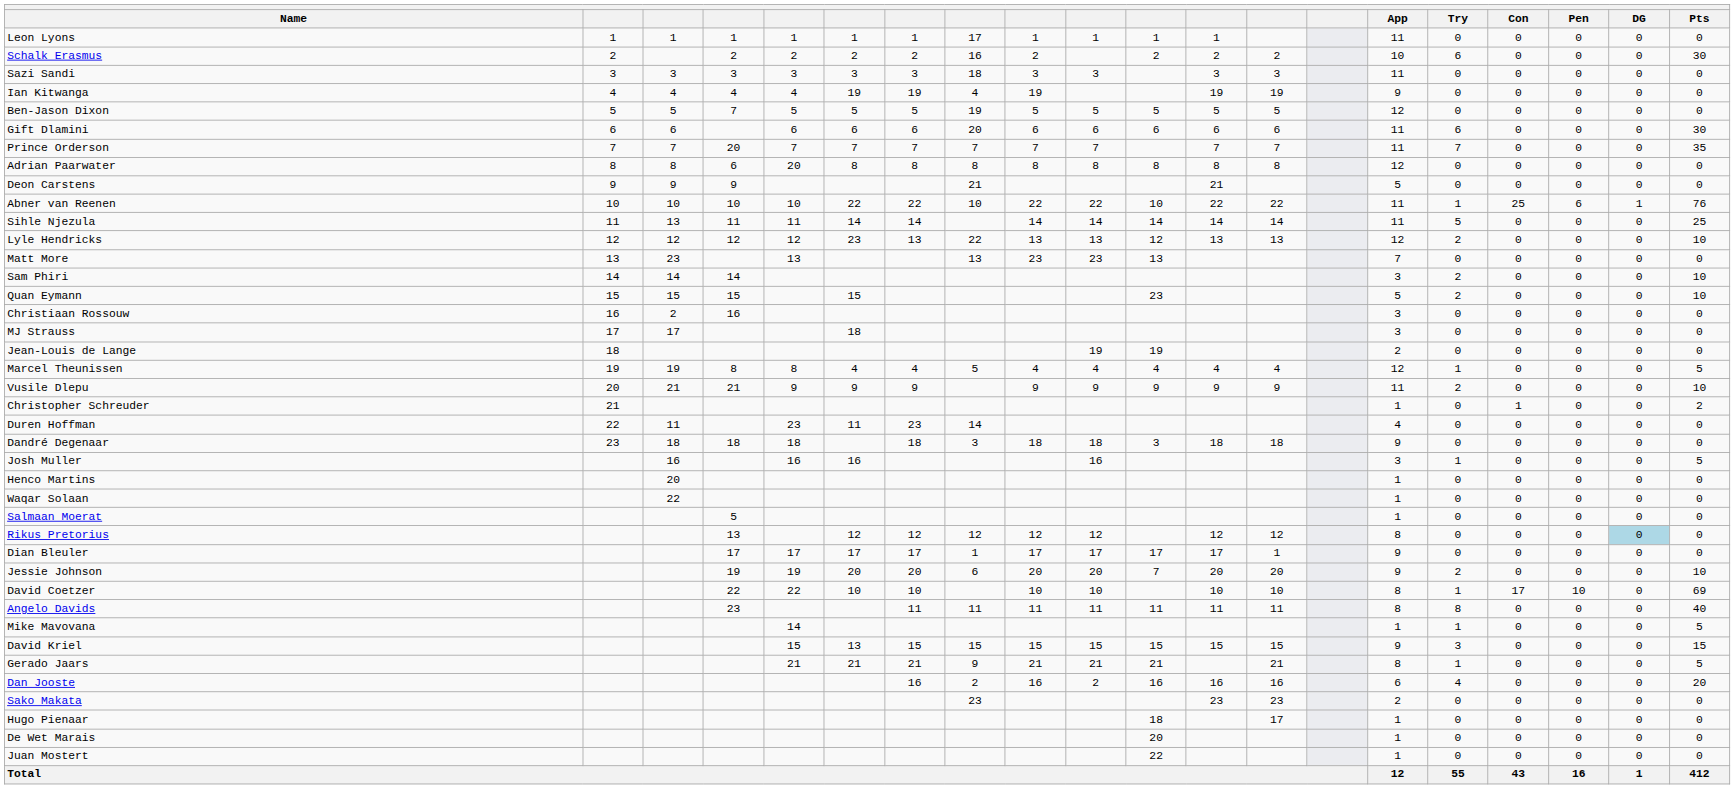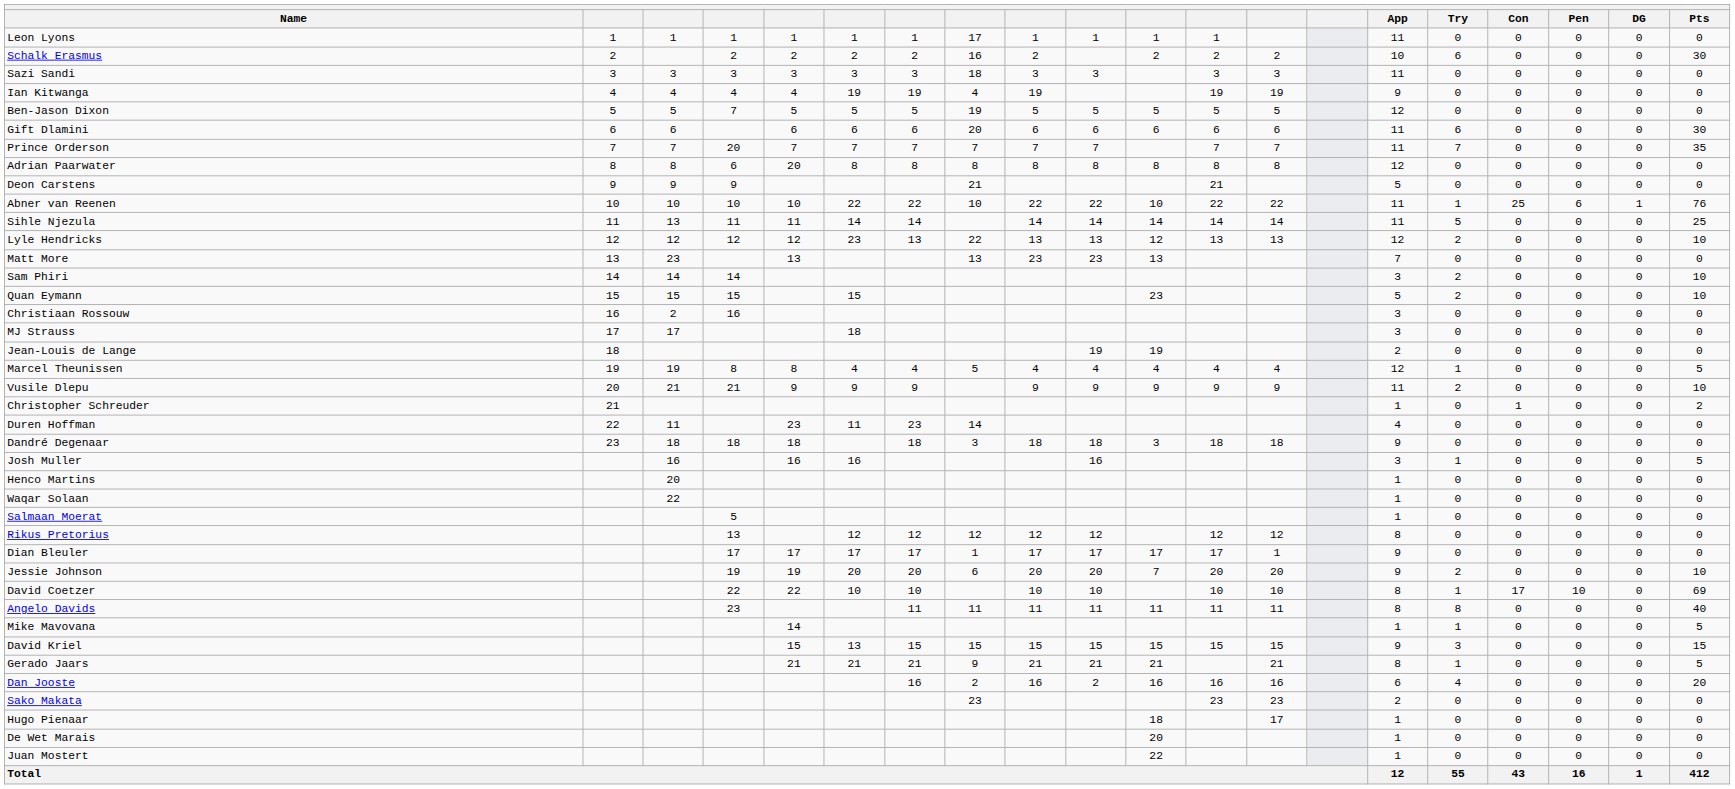 <table class="wikitable collapsible collapsed" style="text-align:center; font-size:100%; width:100%">
 <tr>
 <th colspan="100%"></th>
 </tr>
 <tr>
 <th style="width:33.5;">Name</th>
 <th style="width:3.5%;"></th>
 <th style="width:3.5%;"></th>
 <th style="width:3.5%;"></th>
 <th style="width:3.5%;"></th>
 <th style="width:3.5%;"></th>
 <th style="width:3.5%;"></th>
 <th style="width:3.5%;"></th>
 <th style="width:3.5%;"></th>
 <th style="width:3.5%;"></th>
 <th style="width:3.5%;"></th>
 <th style="width:3.5%;"></th>
 <th style="width:3.5%;"></th>
 <th style="width:3.5%;"></th>
 <th style="width:3.5%;">App</th>
 <th style="width:3.5%;">Try</th>
 <th style="width:3.5%;">Con</th>
 <th style="width:3.5%;">Pen</th>
 <th style="width:3.5%;">DG</th>
 <th style="width:3.5%;">Pts</th>
 </tr>
 <tr>
 <td style="text-align:left;">Leon Lyons</td>
 <td>1</td>
 <td>1</td>
 <td>1</td>
 <td>1</td>
 <td>1</td>
 <td>1</td>
 <td>17 </td>
 <td>1</td>
 <td>1</td>
 <td>1</td>
 <td>1</td>
 <td></td>
 <td style="background:#EBECF0;"></td>
 <td>11</td>
 <td>0</td>
 <td>0</td>
 <td>0</td>
 <td>0</td>
 <td>0</td>
 </tr>
 <tr>
 <td style="text-align:left;"><a href='#'>Schalk Erasmus</a></td>
 <td>2</td>
 <td></td>
 <td>2</td>
 <td>2</td>
 <td>2</td>
 <td>2</td>
 <td>16 </td>
 <td>2</td>
 <td></td>
 <td>2</td>
 <td>2</td>
 <td>2</td>
 <td style="background:#EBECF0;"></td>
 <td>10</td>
 <td>6</td>
 <td>0</td>
 <td>0</td>
 <td>0</td>
 <td>30</td>
 </tr>
 <tr>
 <td style="text-align:left;">Sazi Sandi</td>
 <td>3</td>
 <td>3</td>
 <td>3</td>
 <td>3</td>
 <td>3</td>
 <td>3</td>
 <td>18 </td>
 <td>3</td>
 <td>3</td>
 <td></td>
 <td>3</td>
 <td>3</td>
 <td style="background:#EBECF0;"></td>
 <td>11</td>
 <td>0</td>
 <td>0</td>
 <td>0</td>
 <td>0</td>
 <td>0</td>
 </tr>
 <tr>
 <td style="text-align:left;">Ian Kitwanga</td>
 <td>4</td>
 <td>4</td>
 <td>4</td>
 <td>4</td>
 <td>19 </td>
 <td>19 </td>
 <td>4</td>
 <td>19 </td>
 <td></td>
 <td></td>
 <td>19 </td>
 <td>19</td>
 <td style="background:#EBECF0;"></td>
 <td>9</td>
 <td>0</td>
 <td>0</td>
 <td>0</td>
 <td>0</td>
 <td>0</td>
 </tr>
 <tr>
 <td style="text-align:left;">Ben-Jason Dixon</td>
 <td>5</td>
 <td>5</td>
 <td>7</td>
 <td>5</td>
 <td>5</td>
 <td>5</td>
 <td>19 </td>
 <td>5</td>
 <td>5</td>
 <td>5</td>
 <td>5</td>
 <td>5</td>
 <td style="background:#EBECF0;"></td>
 <td>12</td>
 <td>0</td>
 <td>0</td>
 <td>0</td>
 <td>0</td>
 <td>0</td>
 </tr>
 <tr>
 <td style="text-align:left;">Gift Dlamini</td>
 <td>6</td>
 <td>6</td>
 <td></td>
 <td>6</td>
 <td>6</td>
 <td>6</td>
 <td>20 </td>
 <td>6</td>
 <td>6</td>
 <td>6</td>
 <td>6</td>
 <td>6</td>
 <td style="background:#EBECF0;"></td>
 <td>11</td>
 <td>6</td>
 <td>0</td>
 <td>0</td>
 <td>0</td>
 <td>30</td>
 </tr>
 <tr>
 <td style="text-align:left;">Prince Orderson</td>
 <td>7</td>
 <td>7</td>
 <td>20 </td>
 <td>7</td>
 <td>7</td>
 <td>7</td>
 <td>7</td>
 <td>7</td>
 <td>7</td>
 <td></td>
 <td>7</td>
 <td>7</td>
 <td style="background:#EBECF0;"></td>
 <td>11</td>
 <td>7</td>
 <td>0</td>
 <td>0</td>
 <td>0</td>
 <td>35</td>
 </tr>
 <tr>
 <td style="text-align:left;">Adrian Paarwater</td>
 <td>8</td>
 <td>8</td>
 <td>6</td>
 <td>20 </td>
 <td>8</td>
 <td>8</td>
 <td>8</td>
 <td>8</td>
 <td>8</td>
 <td>8</td>
 <td>8</td>
 <td>8</td>
 <td style="background:#EBECF0;"></td>
 <td>12</td>
 <td>0</td>
 <td>0</td>
 <td>0</td>
 <td>0</td>
 <td>0</td>
 </tr>
 <tr>
 <td style="text-align:left;">Deon Carstens</td>
 <td>9</td>
 <td>9</td>
 <td>9</td>
 <td></td>
 <td></td>
 <td></td>
 <td>21 </td>
 <td></td>
 <td></td>
 <td></td>
 <td>21 </td>
 <td></td>
 <td style="background:#EBECF0;"></td>
 <td>5</td>
 <td>0</td>
 <td>0</td>
 <td>0</td>
 <td>0</td>
 <td>0</td>
 </tr>
 <tr>
 <td style="text-align:left;">Abner van Reenen</td>
 <td>10</td>
 <td>10</td>
 <td>10</td>
 <td>10</td>
 <td>22 </td>
 <td>22 </td>
 <td>10</td>
 <td>22 </td>
 <td>22 </td>
 <td>10</td>
 <td>22 </td>
 <td>22</td>
 <td style="background:#EBECF0;"></td>
 <td>11</td>
 <td>1</td>
 <td>25</td>
 <td>6</td>
 <td>1</td>
 <td>76</td>
 </tr>
 <tr>
 <td style="text-align:left;">Sihle Njezula</td>
 <td>11</td>
 <td>13</td>
 <td>11</td>
 <td>11</td>
 <td>14</td>
 <td>14</td>
 <td></td>
 <td>14</td>
 <td>14</td>
 <td>14</td>
 <td>14</td>
 <td>14</td>
 <td style="background:#EBECF0;"></td>
 <td>11</td>
 <td>5</td>
 <td>0</td>
 <td>0</td>
 <td>0</td>
 <td>25</td>
 </tr>
 <tr>
 <td style="text-align:left;">Lyle Hendricks</td>
 <td>12</td>
 <td>12</td>
 <td>12</td>
 <td>12</td>
 <td>23 </td>
 <td>13</td>
 <td>22 </td>
 <td>13</td>
 <td>13</td>
 <td>12</td>
 <td>13</td>
 <td>13</td>
 <td style="background:#EBECF0;"></td>
 <td>12</td>
 <td>2</td>
 <td>0</td>
 <td>0</td>
 <td>0</td>
 <td>10</td>
 </tr>
 <tr>
 <td style="text-align:left;">Matt More</td>
 <td>13</td>
 <td>23 </td>
 <td></td>
 <td>13</td>
 <td></td>
 <td></td>
 <td>13</td>
 <td>23 </td>
 <td>23 </td>
 <td>13</td>
 <td></td>
 <td></td>
 <td style="background:#EBECF0;"></td>
 <td>7</td>
 <td>0</td>
 <td>0</td>
 <td>0</td>
 <td>0</td>
 <td>0</td>
 </tr>
 <tr>
 <td style="text-align:left;">Sam Phiri</td>
 <td>14</td>
 <td>14</td>
 <td>14</td>
 <td></td>
 <td></td>
 <td></td>
 <td></td>
 <td></td>
 <td></td>
 <td></td>
 <td></td>
 <td></td>
 <td style="background:#EBECF0;"></td>
 <td>3</td>
 <td>2</td>
 <td>0</td>
 <td>0</td>
 <td>0</td>
 <td>10</td>
 </tr>
 <tr>
 <td style="text-align:left;">Quan Eymann</td>
 <td>15</td>
 <td>15</td>
 <td>15</td>
 <td></td>
 <td>15</td>
 <td></td>
 <td></td>
 <td></td>
 <td></td>
 <td>23 </td>
 <td></td>
 <td></td>
 <td style="background:#EBECF0;"></td>
 <td>5</td>
 <td>2</td>
 <td>0</td>
 <td>0</td>
 <td>0</td>
 <td>10</td>
 </tr>
 <tr>
 <td style="text-align:left;">Christiaan Rossouw</td>
 <td>16 </td>
 <td>2</td>
 <td>16 </td>
 <td></td>
 <td></td>
 <td></td>
 <td></td>
 <td></td>
 <td></td>
 <td></td>
 <td></td>
 <td></td>
 <td style="background:#EBECF0;"></td>
 <td>3</td>
 <td>0</td>
 <td>0</td>
 <td>0</td>
 <td>0</td>
 <td>0</td>
 </tr>
 <tr>
 <td style="text-align:left;">MJ Strauss</td>
 <td>17 </td>
 <td>17 </td>
 <td></td>
 <td></td>
 <td>18 </td>
 <td></td>
 <td></td>
 <td></td>
 <td></td>
 <td></td>
 <td></td>
 <td></td>
 <td style="background:#EBECF0;"></td>
 <td>3</td>
 <td>0</td>
 <td>0</td>
 <td>0</td>
 <td>0</td>
 <td>0</td>
 </tr>
 <tr>
 <td style="text-align:left;">Jean-Louis de Lange</td>
 <td>18 </td>
 <td></td>
 <td></td>
 <td></td>
 <td></td>
 <td></td>
 <td></td>
 <td></td>
 <td>19 </td>
 <td>19</td>
 <td></td>
 <td></td>
 <td style="background:#EBECF0;"></td>
 <td>2</td>
 <td>0</td>
 <td>0</td>
 <td>0</td>
 <td>0</td>
 <td>0</td>
 </tr>
 <tr>
 <td style="text-align:left;">Marcel Theunissen</td>
 <td>19 </td>
 <td>19 </td>
 <td>8</td>
 <td>8</td>
 <td>4</td>
 <td>4</td>
 <td>5</td>
 <td>4</td>
 <td>4</td>
 <td>4</td>
 <td>4</td>
 <td>4</td>
 <td style="background:#EBECF0;"></td>
 <td>12</td>
 <td>1</td>
 <td>0</td>
 <td>0</td>
 <td>0</td>
 <td>5</td>
 </tr>
 <tr>
 <td style="text-align:left;">Vusile Dlepu</td>
 <td>20 </td>
 <td>21 </td>
 <td>21 </td>
 <td>9</td>
 <td>9</td>
 <td>9</td>
 <td></td>
 <td>9</td>
 <td>9</td>
 <td>9</td>
 <td>9</td>
 <td>9</td>
 <td style="background:#EBECF0;"></td>
 <td>11</td>
 <td>2</td>
 <td>0</td>
 <td>0</td>
 <td>0</td>
 <td>10</td>
 </tr>
 <tr>
 <td style="text-align:left;">Christopher Schreuder</td>
 <td>21 </td>
 <td></td>
 <td></td>
 <td></td>
 <td></td>
 <td></td>
 <td></td>
 <td></td>
 <td></td>
 <td></td>
 <td></td>
 <td></td>
 <td style="background:#EBECF0;"></td>
 <td>1</td>
 <td>0</td>
 <td>1</td>
 <td>0</td>
 <td>0</td>
 <td>2</td>
 </tr>
 <tr>
 <td style="text-align:left;">Duren Hoffman</td>
 <td>22</td>
 <td>11</td>
 <td></td>
 <td>23 </td>
 <td>11</td>
 <td>23</td>
 <td>14</td>
 <td></td>
 <td></td>
 <td></td>
 <td></td>
 <td></td>
 <td style="background:#EBECF0;"></td>
 <td>4</td>
 <td>0</td>
 <td>0</td>
 <td>0</td>
 <td>0</td>
 <td>0</td>
 </tr>
 <tr>
 <td style="text-align:left;">Dandré Degenaar</td>
 <td>23 </td>
 <td>18</td>
 <td>18 </td>
 <td>18</td>
 <td></td>
 <td>18 </td>
 <td>3</td>
 <td>18 </td>
 <td>18 </td>
 <td>3</td>
 <td>18 </td>
 <td>18 </td>
 <td style="background:#EBECF0;"></td>
 <td>9</td>
 <td>0</td>
 <td>0</td>
 <td>0</td>
 <td>0</td>
 <td>0</td>
 </tr>
 <tr>
 <td style="text-align:left;">Josh Muller</td>
 <td></td>
 <td>16 </td>
 <td></td>
 <td>16</td>
 <td>16 </td>
 <td></td>
 <td></td>
 <td></td>
 <td>16 </td>
 <td></td>
 <td></td>
 <td></td>
 <td style="background:#EBECF0;"></td>
 <td>3</td>
 <td>1</td>
 <td>0</td>
 <td>0</td>
 <td>0</td>
 <td>5</td>
 </tr>
 <tr>
 <td style="text-align:left;">Henco Martins</td>
 <td></td>
 <td>20 </td>
 <td></td>
 <td></td>
 <td></td>
 <td></td>
 <td></td>
 <td></td>
 <td></td>
 <td></td>
 <td></td>
 <td></td>
 <td style="background:#EBECF0;"></td>
 <td>1</td>
 <td>0</td>
 <td>0</td>
 <td>0</td>
 <td>0</td>
 <td>0</td>
 </tr>
 <tr>
 <td style="text-align:left;">Waqar Solaan</td>
 <td></td>
 <td>22 </td>
 <td></td>
 <td></td>
 <td></td>
 <td></td>
 <td></td>
 <td></td>
 <td></td>
 <td></td>
 <td></td>
 <td></td>
 <td style="background:#EBECF0;"></td>
 <td>1</td>
 <td>0</td>
 <td>0</td>
 <td>0</td>
 <td>0</td>
 <td>0</td>
 </tr>
 <tr>
 <td style="text-align:left;"><a href='#'>Salmaan Moerat</a></td>
 <td></td>
 <td></td>
 <td>5</td>
 <td></td>
 <td></td>
 <td></td>
 <td></td>
 <td></td>
 <td></td>
 <td></td>
 <td></td>
 <td></td>
 <td style="background:#EBECF0;"></td>
 <td>1</td>
 <td>0</td>
 <td>0</td>
 <td>0</td>
 <td>0</td>
 <td>0</td>
 </tr>
 <tr>
 <td style="text-align:left;"><a href='#'>Rikus Pretorius</a></td>
 <td></td>
 <td></td>
 <td>13</td>
 <td></td>
 <td>12</td>
 <td>12</td>
 <td>12</td>
 <td>12</td>
 <td>12</td>
 <td></td>
 <td>12</td>
 <td>12</td>
 <td style="background:#EBECF0;"></td>
 <td>8</td>
 <td>0</td>
 <td>0</td>
 <td>0</td>
-<td style="background: lightblue;">0</td>
+<td>0</td>
 <td>0</td>
 </tr>
 <tr>
 <td style="text-align:left;">Dian Bleuler</td>
 <td></td>
 <td></td>
 <td>17</td>
 <td>17 </td>
 <td>17 </td>
 <td>17 </td>
 <td>1</td>
 <td>17 </td>
 <td>17 </td>
 <td>17 </td>
 <td>17 </td>
 <td>1</td>
 <td style="background:#EBECF0;"></td>
 <td>9</td>
 <td>0</td>
 <td>0</td>
 <td>0</td>
 <td>0</td>
 <td>0</td>
 </tr>
 <tr>
 <td style="text-align:left;">Jessie Johnson</td>
 <td></td>
 <td></td>
 <td>19 </td>
 <td>19 </td>
 <td>20 </td>
 <td>20 </td>
 <td>6</td>
 <td>20 </td>
 <td>20 </td>
 <td>7</td>
 <td>20 </td>
 <td>20</td>
 <td style="background:#EBECF0;"></td>
 <td>9</td>
 <td>2</td>
 <td>0</td>
 <td>0</td>
 <td>0</td>
 <td>10</td>
 </tr>
 <tr>
 <td style="text-align:left;">David Coetzer</td>
 <td></td>
 <td></td>
 <td>22 </td>
 <td>22 </td>
 <td>10</td>
 <td>10</td>
 <td></td>
 <td>10</td>
 <td>10</td>
 <td></td>
 <td>10</td>
 <td>10</td>
 <td style="background:#EBECF0;"></td>
 <td>8</td>
 <td>1</td>
 <td>17</td>
 <td>10</td>
 <td>0</td>
 <td>69</td>
 </tr>
 <tr>
 <td style="text-align:left;"><a href='#'>Angelo Davids</a></td>
 <td></td>
 <td></td>
 <td>23 </td>
 <td></td>
 <td></td>
 <td>11</td>
 <td>11</td>
 <td>11</td>
 <td>11</td>
 <td>11</td>
 <td>11</td>
 <td>11</td>
 <td style="background:#EBECF0;"></td>
 <td>8</td>
 <td>8</td>
 <td>0</td>
 <td>0</td>
 <td>0</td>
 <td>40</td>
 </tr>
 <tr>
 <td style="text-align:left;">Mike Mavovana</td>
 <td></td>
 <td></td>
 <td></td>
 <td>14</td>
 <td></td>
 <td></td>
 <td></td>
 <td></td>
 <td></td>
 <td></td>
 <td></td>
 <td></td>
 <td style="background:#EBECF0;"></td>
 <td>1</td>
 <td>1</td>
 <td>0</td>
 <td>0</td>
 <td>0</td>
 <td>5</td>
 </tr>
 <tr>
 <td style="text-align:left;">David Kriel</td>
 <td></td>
 <td></td>
 <td></td>
 <td>15</td>
 <td>13</td>
 <td>15</td>
 <td>15</td>
 <td>15</td>
 <td>15</td>
 <td>15</td>
 <td>15</td>
 <td>15</td>
 <td style="background:#EBECF0;"></td>
 <td>9</td>
 <td>3</td>
 <td>0</td>
 <td>0</td>
 <td>0</td>
 <td>15</td>
 </tr>
 <tr>
 <td style="text-align:left;">Gerado Jaars</td>
 <td></td>
 <td></td>
 <td></td>
 <td>21 </td>
 <td>21 </td>
 <td>21 </td>
 <td>9</td>
 <td>21 </td>
 <td>21 </td>
 <td>21 </td>
 <td></td>
 <td>21 </td>
 <td style="background:#EBECF0;"></td>
 <td>8</td>
 <td>1</td>
 <td>0</td>
 <td>0</td>
 <td>0</td>
 <td>5</td>
 </tr>
 <tr>
 <td style="text-align:left;"><a href='#'>Dan Jooste</a></td>
 <td></td>
 <td></td>
 <td></td>
 <td></td>
 <td></td>
 <td>16 </td>
 <td>2</td>
 <td>16 </td>
 <td>2</td>
 <td>16 </td>
 <td>16 </td>
 <td>16</td>
 <td style="background:#EBECF0;"></td>
 <td>6</td>
 <td>4</td>
 <td>0</td>
 <td>0</td>
 <td>0</td>
 <td>20</td>
 </tr>
 <tr>
 <td style="text-align:left;"><a href='#'>Sako Makata</a></td>
 <td></td>
 <td></td>
 <td></td>
 <td></td>
 <td></td>
 <td></td>
 <td>23 </td>
 <td></td>
 <td></td>
 <td></td>
 <td>23 </td>
 <td>23</td>
 <td style="background:#EBECF0;"></td>
 <td>2</td>
 <td>0</td>
 <td>0</td>
 <td>0</td>
 <td>0</td>
 <td>0</td>
 </tr>
 <tr>
 <td style="text-align:left;">Hugo Pienaar</td>
 <td></td>
 <td></td>
 <td></td>
 <td></td>
 <td></td>
 <td></td>
 <td></td>
 <td></td>
 <td></td>
 <td>18 </td>
 <td></td>
 <td>17</td>
 <td style="background:#EBECF0;"></td>
 <td>1</td>
 <td>0</td>
 <td>0</td>
 <td>0</td>
 <td>0</td>
 <td>0</td>
 </tr>
 <tr>
 <td style="text-align:left;">De Wet Marais</td>
 <td></td>
 <td></td>
 <td></td>
 <td></td>
 <td></td>
 <td></td>
 <td></td>
 <td></td>
 <td></td>
 <td>20 </td>
 <td></td>
 <td></td>
 <td style="background:#EBECF0;"></td>
 <td>1</td>
 <td>0</td>
 <td>0</td>
 <td>0</td>
 <td>0</td>
 <td>0</td>
 </tr>
 <tr>
 <td style="text-align:left;">Juan Mostert</td>
 <td></td>
 <td></td>
 <td></td>
 <td></td>
 <td></td>
 <td></td>
 <td></td>
 <td></td>
 <td></td>
 <td>22 </td>
 <td></td>
 <td></td>
 <td style="background:#EBECF0;"></td>
 <td>1</td>
 <td>0</td>
 <td>0</td>
 <td>0</td>
 <td>0</td>
 <td>0</td>
 </tr>
 <tr>
 <th colspan="14" style="text-align:left;">Total</th>
 <th>12</th>
 <th>55</th>
 <th>43</th>
 <th>16</th>
 <th>1</th>
 <th>412</th>
 </tr>
 </table>
